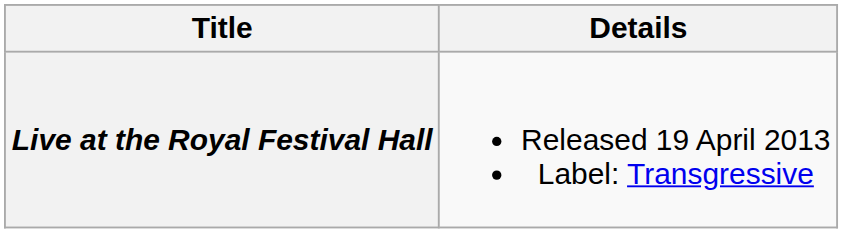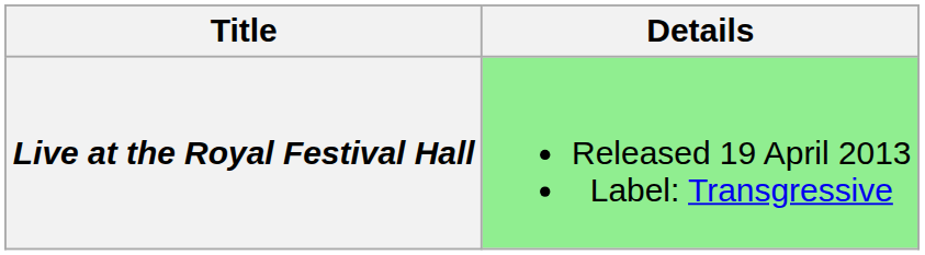 <table class="wikitable plainrowheaders" style="text-align:center;">
 <tr>
 <th scope="col">Title</th>
 <th scope="col">Details</th>
 </tr>
 <tr>
 <th scope="row"><em>Live at the Royal Festival Hall</em></th>
-<td><br><ul><li>Released 19 April 2013</li><li>Label: <a href='#'>Transgressive</a></li></ul></td>
+<td style="background: lightgreen;"><br><ul><li>Released 19 April 2013</li><li>Label: <a href='#'>Transgressive</a></li></ul></td>
 </tr>
 </table>
